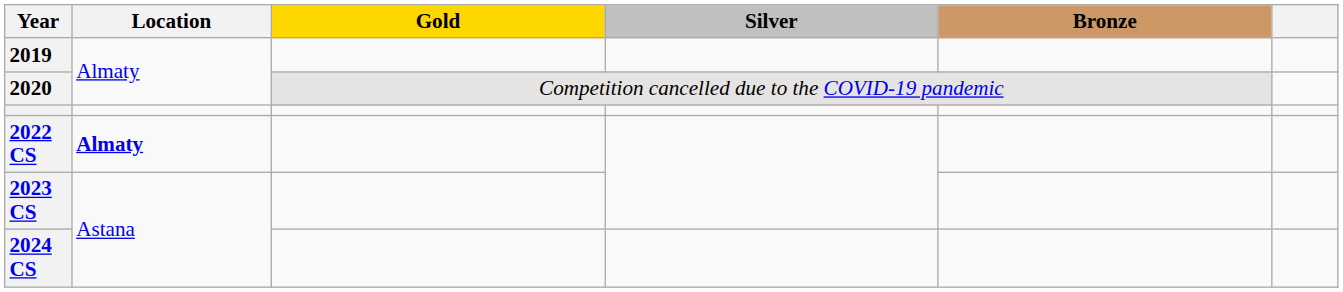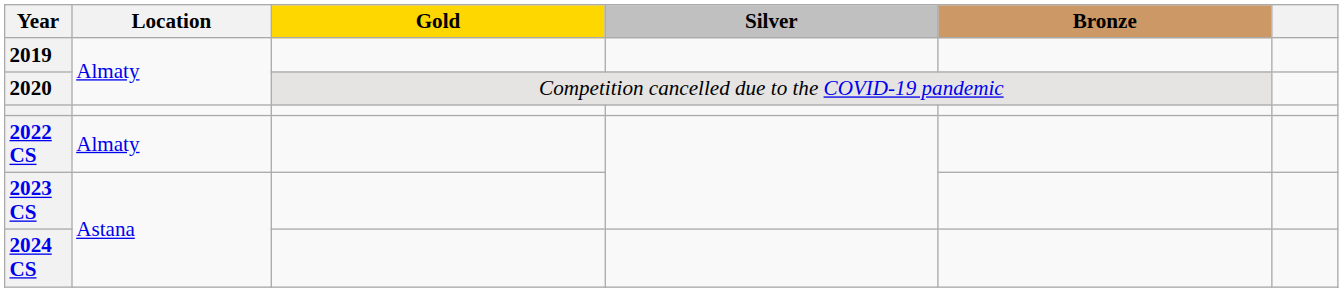 <table class="wikitable unsortable" style="text-align:left; width:80%">
 <tr>
 <th scope="col" style="text-align:center; width:5%">Year</th>
 <th scope="col" style="text-align:center; width:15%">Location</th>
 <th scope="col" style="text-align:center; width:25%; background:gold">Gold</th>
 <th scope="col" style="text-align:center; width:25%; background:silver">Silver</th>
 <th scope="col" style="text-align:center; width:25%; background:#c96">Bronze</th>
 <th scope="col" style="text-align:center; width:5%"></th>
 </tr>
 <tr>
 <th scope="row" style="text-align:left">2019</th>
 <td rowspan="2"><a href='#'>Almaty</a></td>
 <td></td>
 <td></td>
 <td></td>
 <td></td>
 </tr>
 <tr>
 <th scope="row" style="text-align:left">2020</th>
 <td colspan="3" bgcolor="e5e4e2" align="center"><em>Competition cancelled due to the <a href='#'>COVID-19 pandemic</a></em></td>
 <td></td>
 </tr>
 <tr>
 <th scope="row" style="text-align:left"></th>
 <td></td>
 <td></td>
 <td></td>
 <td></td>
 <td></td>
 </tr>
 <tr>
 <th scope="row" style="text-align:left"><a href='#'>2022 CS</a></th>
-<td><strong><a href='#'>Almaty</a></strong></td>
+<td><a href='#'>Almaty</a></td>
 <td></td>
 <td rowspan="2"></td>
 <td></td>
 <td></td>
 </tr>
 <tr>
 <th scope="row" style="text-align:left"><a href='#'>2023 CS</a></th>
 <td rowspan="2"><a href='#'>Astana</a></td>
 <td></td>
 <td></td>
 <td></td>
 </tr>
 <tr>
 <th scope="row" style="text-align:left"><a href='#'>2024 CS</a></th>
 <td></td>
 <td></td>
 <td></td>
 <td></td>
 </tr>
 </table>
